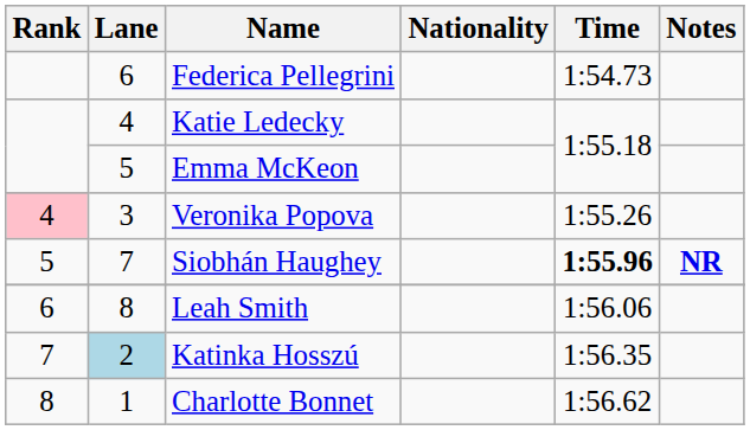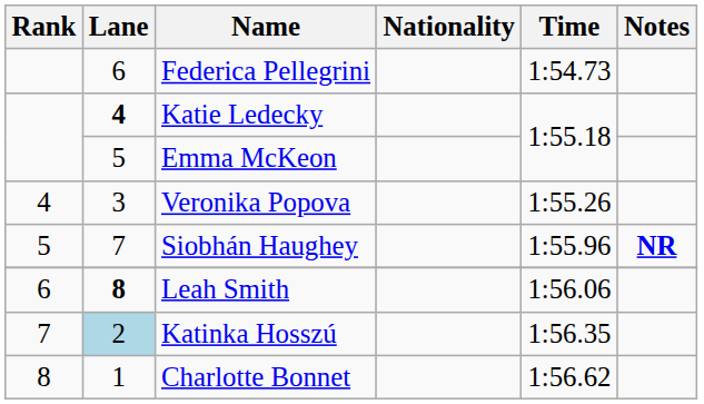 <table class="wikitable sortable" style="text-align:center">
 <tr>
 <th>Rank</th>
 <th>Lane</th>
 <th>Name</th>
 <th>Nationality</th>
 <th>Time</th>
 <th>Notes</th>
 </tr>
 <tr>
 <td></td>
 <td>6</td>
 <td align=left><a href='#'>Federica Pellegrini</a></td>
 <td align=left></td>
 <td>1:54.73</td>
 <td></td>
 </tr>
 <tr>
 <td rowspan=2></td>
-<td>4</td>
+<td><strong>4</strong></td>
 <td align=left><a href='#'>Katie Ledecky</a></td>
 <td align=left></td>
 <td rowspan=2>1:55.18</td>
 <td></td>
 </tr>
 <tr>
 <td>5</td>
 <td align=left><a href='#'>Emma McKeon</a></td>
 <td align=left></td>
 <td></td>
 </tr>
 <tr>
-<td style="background: pink;">4</td>
+<td>4</td>
 <td>3</td>
 <td align=left><a href='#'>Veronika Popova</a></td>
 <td align=left></td>
 <td>1:55.26</td>
 <td></td>
 </tr>
 <tr>
 <td>5</td>
 <td>7</td>
 <td align=left><a href='#'>Siobhán Haughey</a></td>
 <td align=left></td>
-<td><strong>1:55.96</strong></td>
+<td>1:55.96</td>
 <td><strong><a href='#'>NR</a></strong></td>
 </tr>
 <tr>
 </tr>
 <tr>
 <td>6</td>
-<td>8</td>
+<td><strong>8</strong></td>
 <td align=left><a href='#'>Leah Smith</a></td>
 <td align=left></td>
 <td>1:56.06</td>
 <td></td>
 </tr>
 <tr>
 <td>7</td>
 <td style="background: lightblue;">2</td>
 <td align=left><a href='#'>Katinka Hosszú</a></td>
 <td align=left></td>
 <td>1:56.35</td>
 <td></td>
 </tr>
 <tr>
 <td>8</td>
 <td>1</td>
 <td align=left><a href='#'>Charlotte Bonnet</a></td>
 <td align=left></td>
 <td>1:56.62</td>
 <td></td>
 </tr>
 </table>
